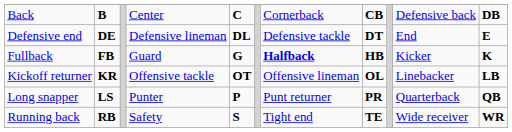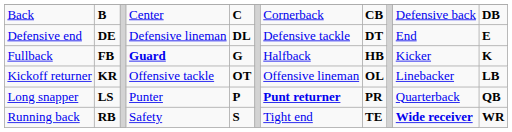 <table class="wikitable">
 <tr style="text-align:center; ">
 </tr>
 <tr>
 <td><a href='#'>Back</a></td>
 <td><strong>B</strong></td>
 <td rowSpan="6" style="background-color:lightgrey;"></td>
 <td><a href='#'>Center</a></td>
 <td><strong>C</strong></td>
 <td rowSpan="6" style="background-color:lightgrey;"></td>
 <td><a href='#'>Cornerback</a></td>
 <td><strong>CB</strong></td>
 <td rowSpan="6" style="background-color:lightgrey;"></td>
 <td><a href='#'>Defensive back</a></td>
 <td><strong>DB</strong></td>
 </tr>
 <tr>
 <td><a href='#'>Defensive end</a></td>
 <td><strong>DE</strong></td>
 <td><a href='#'>Defensive lineman</a></td>
 <td><strong>DL</strong></td>
 <td><a href='#'>Defensive tackle</a></td>
 <td><strong>DT</strong></td>
 <td><a href='#'>End</a></td>
 <td><strong>E</strong></td>
 </tr>
 <tr>
 <td><a href='#'>Fullback</a></td>
 <td><strong>FB</strong></td>
-<td><a href='#'>Guard</a></td>
+<td><strong><a href='#'>Guard</a></strong></td>
 <td><strong>G</strong></td>
-<td><strong><a href='#'>Halfback</a></strong></td>
+<td><a href='#'>Halfback</a></td>
 <td><strong>HB</strong></td>
 <td><a href='#'>Kicker</a></td>
 <td><strong>K</strong></td>
 </tr>
 <tr>
 <td><a href='#'>Kickoff returner</a></td>
 <td><strong>KR</strong></td>
 <td><a href='#'>Offensive tackle</a></td>
 <td><strong>OT</strong></td>
 <td><a href='#'>Offensive lineman</a></td>
 <td><strong>OL</strong></td>
 <td><a href='#'>Linebacker</a></td>
 <td><strong>LB</strong></td>
 </tr>
 <tr>
 <td><a href='#'>Long snapper</a></td>
 <td><strong>LS</strong></td>
 <td><a href='#'>Punter</a></td>
 <td><strong>P</strong></td>
-<td><a href='#'>Punt returner</a></td>
+<td><strong><a href='#'>Punt returner</a></strong></td>
 <td><strong>PR</strong></td>
 <td><a href='#'>Quarterback</a></td>
 <td><strong>QB</strong></td>
 </tr>
 <tr>
 <td><a href='#'>Running back</a></td>
 <td><strong>RB</strong></td>
 <td><a href='#'>Safety</a></td>
 <td><strong>S</strong></td>
 <td><a href='#'>Tight end</a></td>
 <td><strong>TE</strong></td>
-<td><a href='#'>Wide receiver</a></td>
+<td><strong><a href='#'>Wide receiver</a></strong></td>
 <td><strong>WR</strong></td>
 </tr>
 </table>
